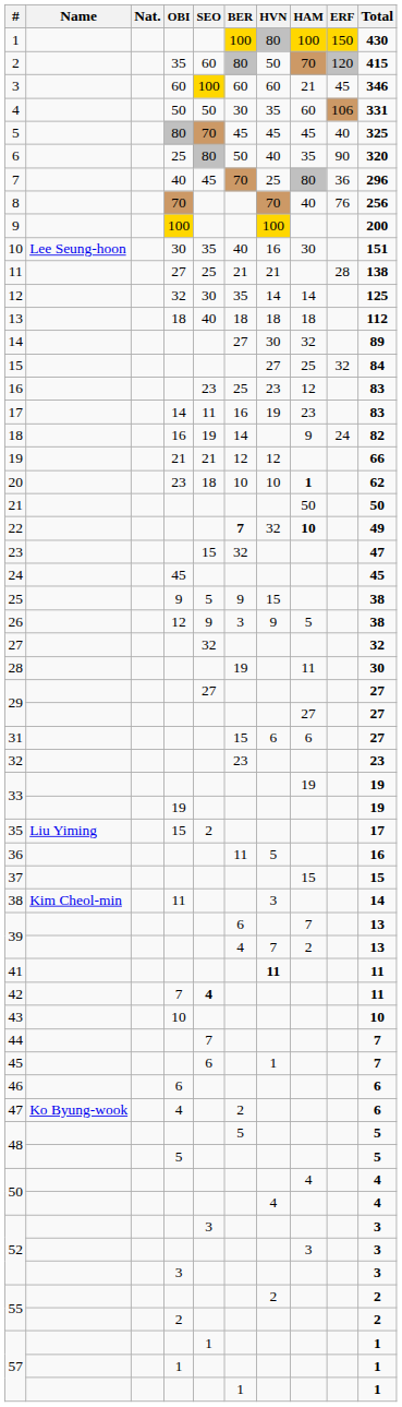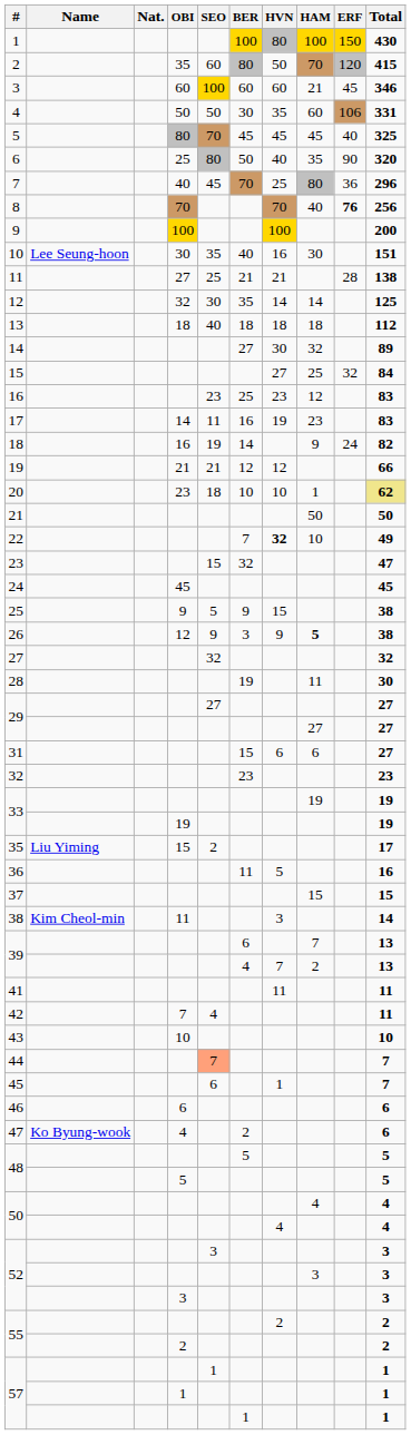 <table class="wikitable sortable" style="text-align:center;">
 <tr>
 <th>#</th>
 <th>Name</th>
 <th>Nat.</th>
 <th><small>OBI</small></th>
 <th><small>SEO</small></th>
 <th><small>BER</small></th>
 <th><small>HVN</small></th>
 <th><small>HAM</small></th>
 <th><small>ERF</small></th>
 <th>Total</th>
 </tr>
 <tr>
 <td>1</td>
 <td align=left></td>
 <td></td>
 <td></td>
 <td></td>
 <td bgcolor=gold>100</td>
 <td bgcolor=silver>80</td>
 <td bgcolor=gold>100</td>
 <td bgcolor=gold>150</td>
 <td><strong>430</strong></td>
 </tr>
 <tr>
 <td>2</td>
 <td align=left></td>
 <td></td>
 <td>35</td>
 <td>60</td>
 <td bgcolor=silver>80</td>
 <td>50</td>
 <td bgcolor=cc9966>70</td>
 <td bgcolor=silver>120</td>
 <td><strong>415</strong></td>
 </tr>
 <tr>
 <td>3</td>
 <td align=left></td>
 <td></td>
 <td>60</td>
 <td bgcolor=gold>100</td>
 <td>60</td>
 <td>60</td>
 <td>21</td>
 <td>45</td>
 <td><strong>346</strong></td>
 </tr>
 <tr>
 <td>4</td>
 <td align=left></td>
 <td></td>
 <td>50</td>
 <td>50</td>
 <td>30</td>
 <td>35</td>
 <td>60</td>
 <td bgcolor=cc9966>106</td>
 <td><strong>331</strong></td>
 </tr>
 <tr>
 <td>5</td>
 <td align=left></td>
 <td></td>
 <td bgcolor=silver>80</td>
 <td bgcolor=cc9966>70</td>
 <td>45</td>
 <td>45</td>
 <td>45</td>
 <td>40</td>
 <td><strong>325</strong></td>
 </tr>
 <tr>
 <td>6</td>
 <td align=left></td>
 <td></td>
 <td>25</td>
 <td bgcolor=silver>80</td>
 <td>50</td>
 <td>40</td>
 <td>35</td>
 <td>90</td>
 <td><strong>320</strong></td>
 </tr>
 <tr>
 <td>7</td>
 <td align=left></td>
 <td></td>
 <td>40</td>
 <td>45</td>
 <td bgcolor=cc9966>70</td>
 <td>25</td>
 <td bgcolor=silver>80</td>
 <td>36</td>
 <td><strong>296</strong></td>
 </tr>
 <tr>
 <td>8</td>
 <td align=left></td>
 <td></td>
 <td bgcolor=cc9966>70</td>
 <td></td>
 <td></td>
 <td bgcolor=cc9966>70</td>
 <td>40</td>
-<td>76</td>
+<td><strong>76</strong></td>
 <td><strong>256</strong></td>
 </tr>
 <tr>
 <td>9</td>
 <td align=left></td>
 <td></td>
 <td bgcolor=gold>100</td>
 <td></td>
 <td></td>
 <td bgcolor=gold>100</td>
 <td></td>
 <td></td>
 <td><strong>200</strong></td>
 </tr>
 <tr>
 <td>10</td>
 <td align=left><a href='#'>Lee Seung-hoon</a></td>
 <td></td>
 <td>30</td>
 <td>35</td>
 <td>40</td>
 <td>16</td>
 <td>30</td>
 <td></td>
 <td><strong>151</strong></td>
 </tr>
 <tr>
 <td>11</td>
 <td align=left></td>
 <td></td>
 <td>27</td>
 <td>25</td>
 <td>21</td>
 <td>21</td>
 <td></td>
 <td>28</td>
 <td><strong>138</strong></td>
 </tr>
 <tr>
 <td>12</td>
 <td align=left></td>
 <td></td>
 <td>32</td>
 <td>30</td>
 <td>35</td>
 <td>14</td>
 <td>14</td>
 <td></td>
 <td><strong>125</strong></td>
 </tr>
 <tr>
 <td>13</td>
 <td align=left></td>
 <td></td>
 <td>18</td>
 <td>40</td>
 <td>18</td>
 <td>18</td>
 <td>18</td>
 <td></td>
 <td><strong>112</strong></td>
 </tr>
 <tr>
 <td>14</td>
 <td align=left></td>
 <td></td>
 <td></td>
 <td></td>
 <td>27</td>
 <td>30</td>
 <td>32</td>
 <td></td>
 <td><strong>89</strong></td>
 </tr>
 <tr>
 <td>15</td>
 <td align=left></td>
 <td></td>
 <td></td>
 <td></td>
 <td></td>
 <td>27</td>
 <td>25</td>
 <td>32</td>
 <td><strong>84</strong></td>
 </tr>
 <tr>
 <td>16</td>
 <td align=left></td>
 <td></td>
 <td></td>
 <td>23</td>
 <td>25</td>
 <td>23</td>
 <td>12</td>
 <td></td>
 <td><strong>83</strong></td>
 </tr>
 <tr>
 <td>17</td>
 <td align=left></td>
 <td></td>
 <td>14</td>
 <td>11</td>
 <td>16</td>
 <td>19</td>
 <td>23</td>
 <td></td>
 <td><strong>83</strong></td>
 </tr>
 <tr>
 <td>18</td>
 <td align=left></td>
 <td></td>
 <td>16</td>
 <td>19</td>
 <td>14</td>
 <td></td>
 <td>9</td>
 <td>24</td>
 <td><strong>82</strong></td>
 </tr>
 <tr>
 <td>19</td>
 <td align=left></td>
 <td></td>
 <td>21</td>
 <td>21</td>
 <td>12</td>
 <td>12</td>
 <td></td>
 <td></td>
 <td><strong>66</strong></td>
 </tr>
 <tr>
 <td>20</td>
 <td align=left></td>
 <td></td>
 <td>23</td>
 <td>18</td>
 <td>10</td>
 <td>10</td>
-<td><strong>1</strong></td>
+<td>1</td>
 <td></td>
-<td><strong>62</strong></td>
+<td style="background: khaki;"><strong>62</strong></td>
 </tr>
 <tr>
 <td>21</td>
 <td align=left></td>
 <td></td>
 <td></td>
 <td></td>
 <td></td>
 <td></td>
 <td>50</td>
 <td></td>
 <td><strong>50</strong></td>
 </tr>
 <tr>
 <td>22</td>
 <td align=left></td>
 <td></td>
 <td></td>
 <td></td>
-<td><strong>7</strong></td>
-<td>32</td>
-<td><strong>10</strong></td>
+<td>7</td>
+<td><strong>32</strong></td>
+<td>10</td>
 <td></td>
 <td><strong>49</strong></td>
 </tr>
 <tr>
 <td>23</td>
 <td align=left></td>
 <td></td>
 <td></td>
 <td>15</td>
 <td>32</td>
 <td></td>
 <td></td>
 <td></td>
 <td><strong>47</strong></td>
 </tr>
 <tr>
 <td>24</td>
 <td align=left></td>
 <td></td>
 <td>45</td>
 <td></td>
 <td></td>
 <td></td>
 <td></td>
 <td></td>
 <td><strong>45</strong></td>
 </tr>
 <tr>
 <td>25</td>
 <td align=left></td>
 <td></td>
 <td>9</td>
 <td>5</td>
 <td>9</td>
 <td>15</td>
 <td></td>
 <td></td>
 <td><strong>38</strong></td>
 </tr>
 <tr>
 <td>26</td>
 <td align=left></td>
 <td></td>
 <td>12</td>
 <td>9</td>
 <td>3</td>
 <td>9</td>
-<td>5</td>
+<td><strong>5</strong></td>
 <td></td>
 <td><strong>38</strong></td>
 </tr>
 <tr>
 <td>27</td>
 <td align=left></td>
 <td></td>
 <td></td>
 <td>32</td>
 <td></td>
 <td></td>
 <td></td>
 <td></td>
 <td><strong>32</strong></td>
 </tr>
 <tr>
 <td>28</td>
 <td align=left></td>
 <td></td>
 <td></td>
 <td></td>
 <td>19</td>
 <td></td>
 <td>11</td>
 <td></td>
 <td><strong>30</strong></td>
 </tr>
 <tr>
 <td rowspan=2>29</td>
 <td align=left></td>
 <td></td>
 <td></td>
 <td>27</td>
 <td></td>
 <td></td>
 <td></td>
 <td></td>
 <td><strong>27</strong></td>
 </tr>
 <tr>
 <td align=left></td>
 <td></td>
 <td></td>
 <td></td>
 <td></td>
 <td></td>
 <td>27</td>
 <td></td>
 <td><strong>27</strong></td>
 </tr>
 <tr>
 <td>31</td>
 <td align=left></td>
 <td></td>
 <td></td>
 <td></td>
 <td>15</td>
 <td>6</td>
 <td>6</td>
 <td></td>
 <td><strong>27</strong></td>
 </tr>
 <tr>
 <td>32</td>
 <td align=left></td>
 <td></td>
 <td></td>
 <td></td>
 <td>23</td>
 <td></td>
 <td></td>
 <td></td>
 <td><strong>23</strong></td>
 </tr>
 <tr>
 <td rowspan=2>33</td>
 <td align=left></td>
 <td></td>
 <td></td>
 <td></td>
 <td></td>
 <td></td>
 <td>19</td>
 <td></td>
 <td><strong>19</strong></td>
 </tr>
 <tr>
 <td align=left></td>
 <td></td>
 <td>19</td>
 <td></td>
 <td></td>
 <td></td>
 <td></td>
 <td></td>
 <td><strong>19</strong></td>
 </tr>
 <tr>
 <td>35</td>
 <td align=left><a href='#'>Liu Yiming</a></td>
 <td></td>
 <td>15</td>
 <td>2</td>
 <td></td>
 <td></td>
 <td></td>
 <td></td>
 <td><strong>17</strong></td>
 </tr>
 <tr>
 <td>36</td>
 <td align=left></td>
 <td></td>
 <td></td>
 <td></td>
 <td>11</td>
 <td>5</td>
 <td></td>
 <td></td>
 <td><strong>16</strong></td>
 </tr>
 <tr>
 <td>37</td>
 <td align=left></td>
 <td></td>
 <td></td>
 <td></td>
 <td></td>
 <td></td>
 <td>15</td>
 <td></td>
 <td><strong>15</strong></td>
 </tr>
 <tr>
 <td>38</td>
 <td align=left><a href='#'>Kim Cheol-min</a></td>
 <td></td>
 <td>11</td>
 <td></td>
 <td></td>
 <td>3</td>
 <td></td>
 <td></td>
 <td><strong>14</strong></td>
 </tr>
 <tr>
 <td rowspan=2>39</td>
 <td align=left></td>
 <td></td>
 <td></td>
 <td></td>
 <td>6</td>
 <td></td>
 <td>7</td>
 <td></td>
 <td><strong>13</strong></td>
 </tr>
 <tr>
 <td align=left></td>
 <td></td>
 <td></td>
 <td></td>
 <td>4</td>
 <td>7</td>
 <td>2</td>
 <td></td>
 <td><strong>13</strong></td>
 </tr>
 <tr>
 <td>41</td>
 <td align=left></td>
 <td></td>
 <td></td>
 <td></td>
 <td></td>
-<td><strong>11</strong></td>
+<td>11</td>
 <td></td>
 <td></td>
 <td><strong>11</strong></td>
 </tr>
 <tr>
 <td>42</td>
 <td align=left></td>
 <td></td>
 <td>7</td>
-<td><strong>4</strong></td>
+<td>4</td>
 <td></td>
 <td></td>
 <td></td>
 <td></td>
 <td><strong>11</strong></td>
 </tr>
 <tr>
 <td>43</td>
 <td align=left></td>
 <td></td>
 <td>10</td>
 <td></td>
 <td></td>
 <td></td>
 <td></td>
 <td></td>
 <td><strong>10</strong></td>
 </tr>
 <tr>
 <td>44</td>
 <td align=left></td>
 <td></td>
 <td></td>
-<td>7</td>
+<td style="background: lightsalmon;">7</td>
 <td></td>
 <td></td>
 <td></td>
 <td></td>
 <td><strong>7</strong></td>
 </tr>
 <tr>
 <td>45</td>
 <td align=left></td>
 <td></td>
 <td></td>
 <td>6</td>
 <td></td>
 <td>1</td>
 <td></td>
 <td></td>
 <td><strong>7</strong></td>
 </tr>
 <tr>
 <td>46</td>
 <td align=left></td>
 <td></td>
 <td>6</td>
 <td></td>
 <td></td>
 <td></td>
 <td></td>
 <td></td>
 <td><strong>6</strong></td>
 </tr>
 <tr>
 <td>47</td>
 <td align=left><a href='#'>Ko Byung-wook</a></td>
 <td></td>
 <td>4</td>
 <td></td>
 <td>2</td>
 <td></td>
 <td></td>
 <td></td>
 <td><strong>6</strong></td>
 </tr>
 <tr>
 <td rowspan=2>48</td>
 <td align=left></td>
 <td></td>
 <td></td>
 <td></td>
 <td>5</td>
 <td></td>
 <td></td>
 <td></td>
 <td><strong>5</strong></td>
 </tr>
 <tr>
 <td align=left></td>
 <td></td>
 <td>5</td>
 <td></td>
 <td></td>
 <td></td>
 <td></td>
 <td></td>
 <td><strong>5</strong></td>
 </tr>
 <tr>
 <td rowspan=2>50</td>
 <td align=left></td>
 <td></td>
 <td></td>
 <td></td>
 <td></td>
 <td></td>
 <td>4</td>
 <td></td>
 <td><strong>4</strong></td>
 </tr>
 <tr>
 <td align=left></td>
 <td></td>
 <td></td>
 <td></td>
 <td></td>
 <td>4</td>
 <td></td>
 <td></td>
 <td><strong>4</strong></td>
 </tr>
 <tr>
 <td rowspan=3>52</td>
 <td align=left></td>
 <td></td>
 <td></td>
 <td>3</td>
 <td></td>
 <td></td>
 <td></td>
 <td></td>
 <td><strong>3</strong></td>
 </tr>
 <tr>
 <td align=left></td>
 <td></td>
 <td></td>
 <td></td>
 <td></td>
 <td></td>
 <td>3</td>
 <td></td>
 <td><strong>3</strong></td>
 </tr>
 <tr>
 <td align=left></td>
 <td></td>
 <td>3</td>
 <td></td>
 <td></td>
 <td></td>
 <td></td>
 <td></td>
 <td><strong>3</strong></td>
 </tr>
 <tr>
 <td rowspan=2>55</td>
 <td align=left></td>
 <td></td>
 <td></td>
 <td></td>
 <td></td>
 <td>2</td>
 <td></td>
 <td></td>
 <td><strong>2</strong></td>
 </tr>
 <tr>
 <td align=left></td>
 <td></td>
 <td>2</td>
 <td></td>
 <td></td>
 <td></td>
 <td></td>
 <td></td>
 <td><strong>2</strong></td>
 </tr>
 <tr>
 <td rowspan=3>57</td>
 <td align=left></td>
 <td></td>
 <td></td>
 <td>1</td>
 <td></td>
 <td></td>
 <td></td>
 <td></td>
 <td><strong>1</strong></td>
 </tr>
 <tr>
 <td align=left></td>
 <td></td>
 <td>1</td>
 <td></td>
 <td></td>
 <td></td>
 <td></td>
 <td></td>
 <td><strong>1</strong></td>
 </tr>
 <tr>
 <td align=left></td>
 <td></td>
 <td></td>
 <td></td>
 <td>1</td>
 <td></td>
 <td></td>
 <td></td>
 <td><strong>1</strong></td>
 </tr>
 </table>
